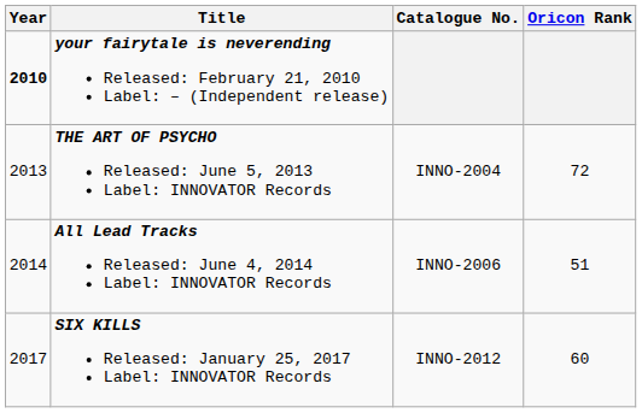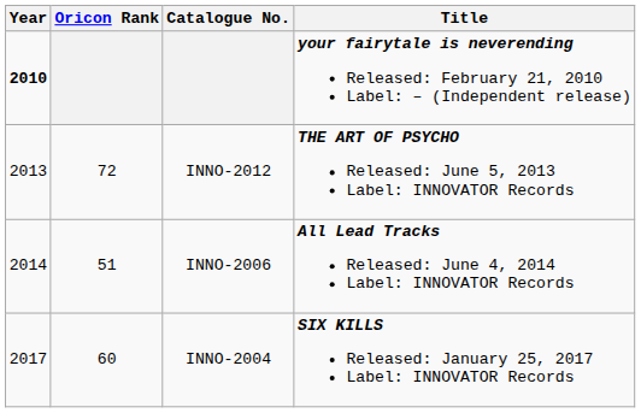 <table class="wikitable">
 <tr>
 <th>Year</th>
+<th><a href='#'>Oricon</a> Rank</th>
+<th>Catalogue No.</th>
 <th>Title</th>
-<th>Catalogue No.</th>
-<th><a href='#'>Oricon</a> Rank</th>
 </tr>
 <tr>
 <td><strong>2010</strong></td>
-<td><strong><em>your fairytale is neverending</em></strong><br><ul><li>Released: February 21, 2010</li><li>Label: – (Independent release)</li></ul></td>
 <th></th>
 <th></th>
+<td><strong><em>your fairytale is neverending</em></strong><br><ul><li>Released: February 21, 2010</li><li>Label: – (Independent release)</li></ul></td>
 </tr>
 <tr>
 <td>2013</td>
+<td align="center">72</td>
+<td align="center">INNO-2012</td>
 <td><strong><em>THE ART OF PSYCHO</em></strong><br><ul><li>Released: June 5, 2013</li><li>Label: INNOVATOR Records</li></ul></td>
-<td align="center">INNO-2004</td>
-<td align="center">72</td>
 </tr>
 <tr>
 <td>2014</td>
+<td align="center">51</td>
+<td align="center">INNO-2006</td>
 <td><strong><em>All Lead Tracks</em></strong><br><ul><li>Released: June 4, 2014</li><li>Label: INNOVATOR Records</li></ul></td>
-<td align="center">INNO-2006</td>
-<td align="center">51</td>
 </tr>
 <tr>
 <td>2017</td>
+<td align="center">60</td>
+<td align="center">INNO-2004</td>
 <td><strong><em>SIX KILLS</em></strong><br><ul><li>Released: January 25, 2017</li><li>Label: INNOVATOR Records</li></ul></td>
-<td align="center">INNO-2012</td>
-<td align="center">60</td>
 </tr>
 </table>
